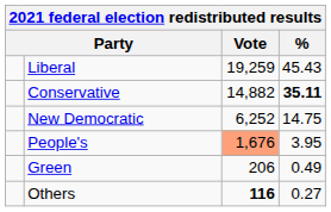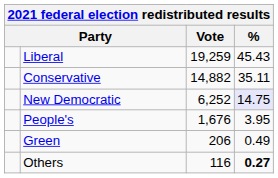 <table class="wikitable">
 <tr>
 <th colspan="4"><a href='#'>2021 federal election</a> redistributed results</th>
 </tr>
 <tr>
 <th bgcolor="#DDDDFF" width="130px" colspan="2">Party</th>
 <th bgcolor="#DDDDFF" width="50px">Vote</th>
 <th bgcolor="#DDDDFF" width="30px">%</th>
 </tr>
 <tr>
 <td> </td>
 <td><a href='#'>Liberal</a></td>
 <td align=right>19,259</td>
 <td align=right>45.43</td>
 </tr>
 <tr>
 <td> </td>
 <td><a href='#'>Conservative</a></td>
 <td align=right>14,882</td>
-<td align=right><strong>35.11</strong></td>
+<td align=right>35.11</td>
 </tr>
 <tr>
 <td> </td>
 <td><a href='#'>New Democratic</a></td>
 <td align=right>6,252</td>
-<td align=right>14.75</td>
+<td align=right style="background: lavender;">14.75</td>
 </tr>
 <tr>
 <td> </td>
 <td><a href='#'>People's</a></td>
-<td align=right style="background: lightsalmon;">1,676</td>
+<td align=right>1,676</td>
 <td align=right>3.95</td>
 </tr>
 <tr>
 <td> </td>
 <td><a href='#'>Green</a></td>
 <td align=right>206</td>
 <td align=right>0.49</td>
 </tr>
 <tr>
 <td> </td>
 <td>Others</td>
-<td align=right><strong>116</strong></td>
-<td align=right>0.27</td>
+<td align=right>116</td>
+<td align=right><strong>0.27</strong></td>
 </tr>
 </table>
